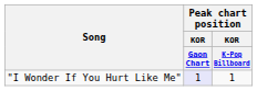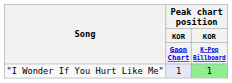 <table class="wikitable sortable" style="text-align:center;">
 <tr>
 <th rowspan="3">Song</th>
 <th colspan="9">Peak chart position</th>
 </tr>
 <tr>
 <th colspan="1" width="30"><small>KOR</small></th>
 <th colspan width="30"><small>KOR</small></th>
 </tr>
 <tr style="font-size:smaller;">
 <th><a href='#'>Gaon Chart</a></th>
 <th width="30"><small><a href='#'>K-Pop</a> <a href='#'>Billboard</a></small></th>
 </tr>
 <tr>
 <td align="left">"I Wonder If You Hurt Like Me"</td>
 <td style="background: lavender;">1</td>
-<td>1</td>
+<td style="background: lightgreen;">1</td>
 </tr>
 </table>
